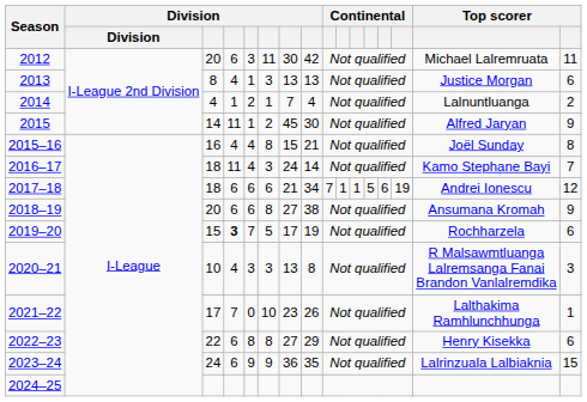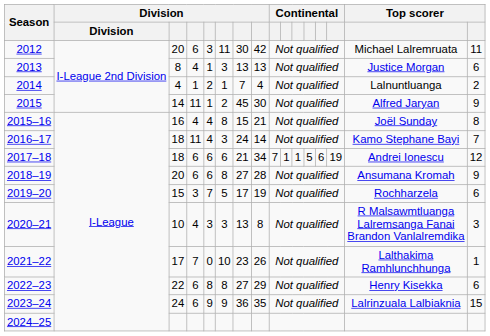 <table class="wikitable" style="text-align:center">
 <tr>
 <th scope="col" rowspan="2">Season</th>
 <th colspan=7 class="unsortable">Division</th>
 <th colspan=6 class="unsortable">Continental</th>
 <th colspan=2 class="unsortable">Top scorer</th>
 </tr>
 <tr>
 <th>Division</th>
 <th></th>
 <th></th>
 <th></th>
 <th></th>
 <th></th>
 <th></th>
 <th></th>
 <th></th>
 <th></th>
 <th></th>
 <th></th>
 <th></th>
 <th></th>
 <th></th>
 </tr>
 <tr>
 <td><a href='#'>2012</a></td>
 <td rowspan="4"><a href='#'>I-League 2nd Division</a></td>
 <td>20</td>
 <td>6</td>
 <td>3</td>
 <td>11</td>
 <td>30</td>
 <td>42</td>
 <td colspan="6"><em>Not qualified</em></td>
 <td> Michael Lalremruata</td>
 <td>11</td>
 </tr>
 <tr>
 <td><a href='#'>2013</a></td>
 <td>8</td>
 <td>4</td>
 <td>1</td>
 <td>3</td>
 <td>13</td>
 <td>13</td>
 <td colspan="6"><em>Not qualified</em></td>
 <td> <a href='#'>Justice Morgan</a></td>
 <td>6</td>
 </tr>
 <tr>
 <td><a href='#'>2014</a></td>
 <td>4</td>
 <td>1</td>
 <td>2</td>
 <td>1</td>
 <td>7</td>
 <td>4</td>
 <td colspan="6"><em>Not qualified</em></td>
 <td> Lalnuntluanga</td>
 <td>2</td>
 </tr>
 <tr>
 <td><a href='#'>2015</a></td>
 <td>14</td>
 <td>11</td>
 <td>1</td>
 <td>2</td>
 <td>45</td>
 <td>30</td>
 <td colspan="6"><em>Not qualified</em></td>
 <td> <a href='#'>Alfred Jaryan</a></td>
 <td>9</td>
 </tr>
 <tr>
 <td><a href='#'>2015–16</a></td>
 <td rowspan="10"><a href='#'>I-League</a></td>
 <td>16</td>
 <td>4</td>
 <td>4</td>
 <td>8</td>
 <td>15</td>
 <td>21</td>
 <td colspan="6"><em>Not qualified</em></td>
 <td> <a href='#'>Joël Sunday</a></td>
 <td>8</td>
 </tr>
 <tr>
 <td><a href='#'>2016–17</a></td>
 <td>18</td>
 <td>11</td>
 <td>4</td>
 <td>3</td>
 <td>24</td>
 <td>14</td>
 <td colspan="6"><em>Not qualified</em></td>
 <td> <a href='#'>Kamo Stephane Bayi</a></td>
 <td>7</td>
 </tr>
 <tr>
 <td><a href='#'>2017–18</a></td>
 <td>18</td>
 <td>6</td>
 <td>6</td>
 <td>6</td>
 <td>21</td>
 <td>34</td>
 <td>7</td>
 <td>1</td>
 <td>1</td>
 <td>5</td>
 <td>6</td>
 <td>19</td>
 <td> <a href='#'>Andrei Ionescu</a></td>
 <td>12</td>
 </tr>
 <tr>
 <td><a href='#'>2018–19</a></td>
 <td>20</td>
 <td>6</td>
 <td>6</td>
 <td>8</td>
 <td>27</td>
-<td>38</td>
+<td>28</td>
 <td colspan="6"><em>Not qualified</em></td>
 <td> <a href='#'>Ansumana Kromah</a></td>
 <td>9</td>
 </tr>
 <tr>
 <td><a href='#'>2019–20</a></td>
 <td>15</td>
-<td><strong>3</strong></td>
+<td>3</td>
 <td>7</td>
 <td>5</td>
 <td>17</td>
 <td>19</td>
 <td colspan="6"><em>Not qualified</em></td>
 <td> <a href='#'>Rochharzela</a></td>
 <td>6</td>
 </tr>
 <tr>
 <td><a href='#'>2020–21</a></td>
 <td>10</td>
 <td>4</td>
 <td>3</td>
 <td>3</td>
 <td>13</td>
 <td>8</td>
 <td colspan="6"><em>Not qualified</em></td>
 <td> <a href='#'>R Malsawmtluanga</a><br> <a href='#'>Lalremsanga Fanai</a><br>  <a href='#'>Brandon Vanlalremdika</a></td>
 <td>3</td>
 </tr>
 <tr>
 <td><a href='#'>2021–22</a></td>
 <td>17</td>
 <td>7</td>
 <td>0</td>
 <td>10</td>
 <td>23</td>
 <td>26</td>
 <td colspan="6"><em>Not qualified</em></td>
 <td> <a href='#'>Lalthakima</a><br> <a href='#'>Ramhlunchhunga</a></td>
 <td>1</td>
 </tr>
 <tr>
 <td><a href='#'>2022–23</a></td>
 <td>22</td>
 <td>6</td>
 <td>8</td>
 <td>8</td>
 <td>27</td>
 <td>29</td>
 <td colspan="6"><em>Not qualified</em></td>
 <td> <a href='#'>Henry Kisekka</a></td>
 <td>6</td>
 </tr>
 <tr>
 <td><a href='#'>2023–24</a></td>
 <td>24</td>
 <td>6</td>
 <td>9</td>
 <td>9</td>
 <td>36</td>
 <td>35</td>
 <td colspan="6"><em>Not qualified</em></td>
 <td> <a href='#'>Lalrinzuala Lalbiaknia</a></td>
 <td>15</td>
 </tr>
 <tr>
 <td><a href='#'>2024–25</a></td>
 <td></td>
 <td></td>
 <td></td>
 <td></td>
 <td></td>
 <td></td>
 <td colspan="6"></td>
 <td></td>
 <td></td>
 </tr>
 </table>
